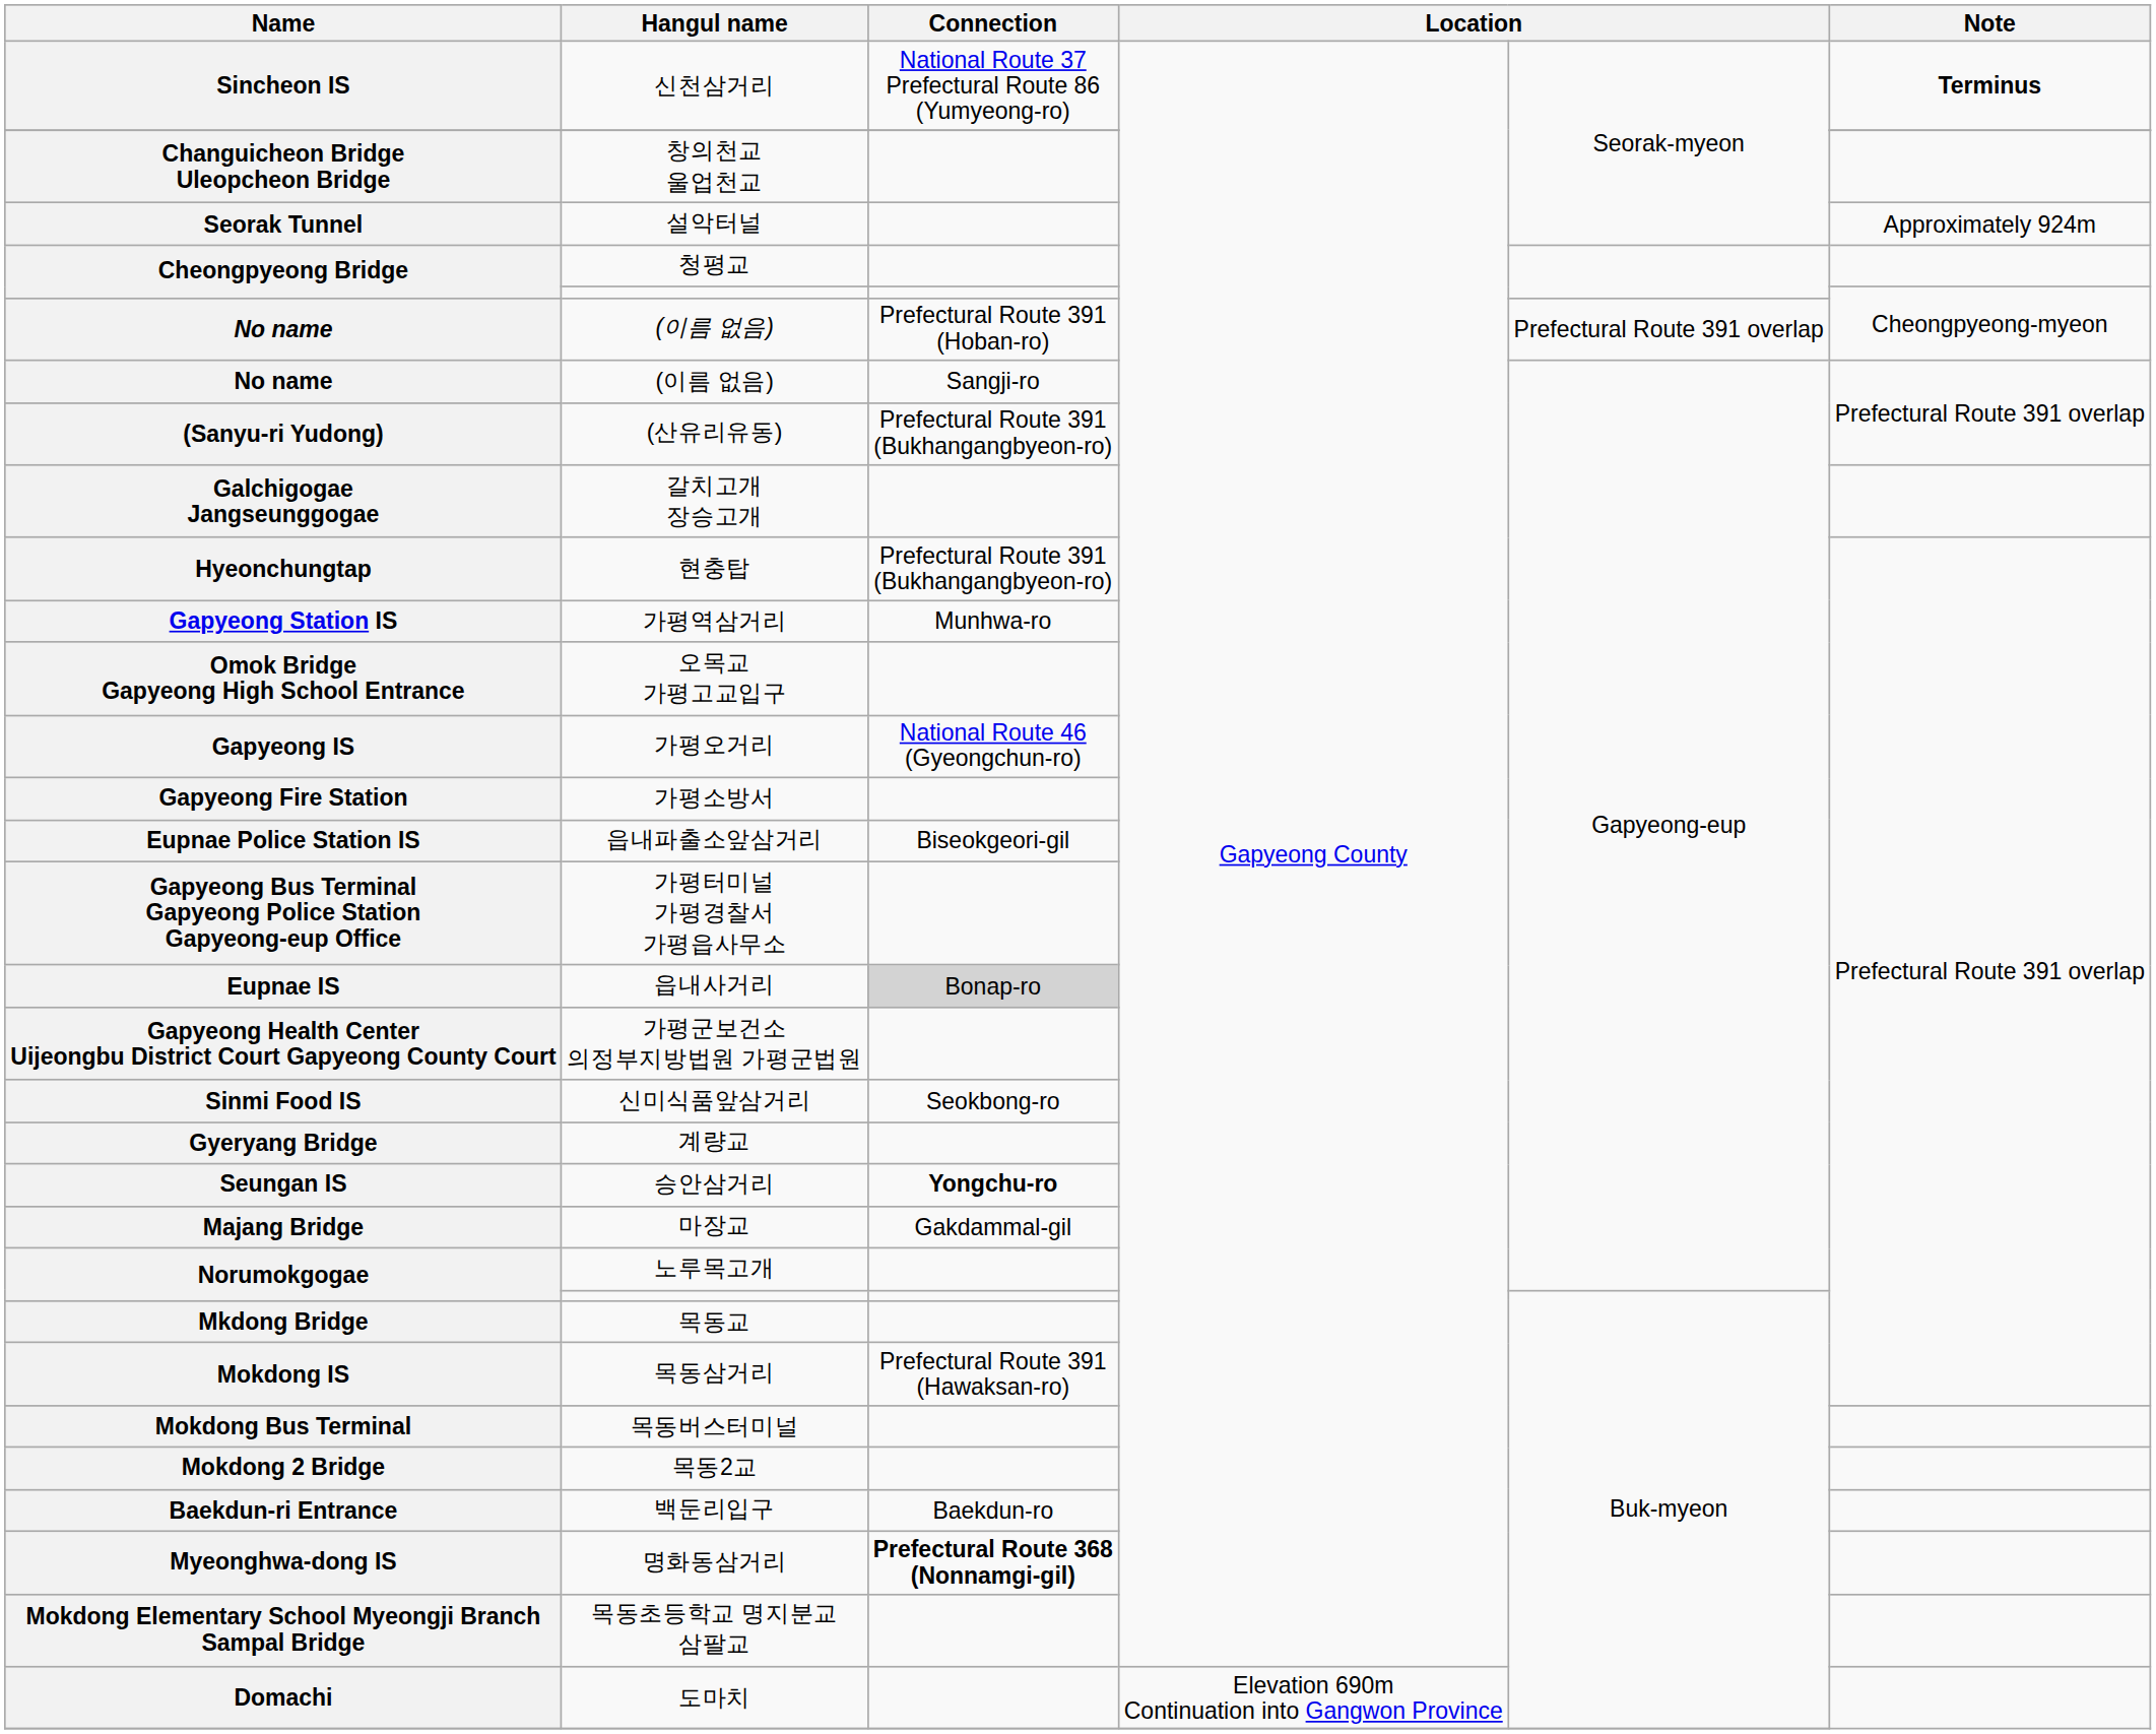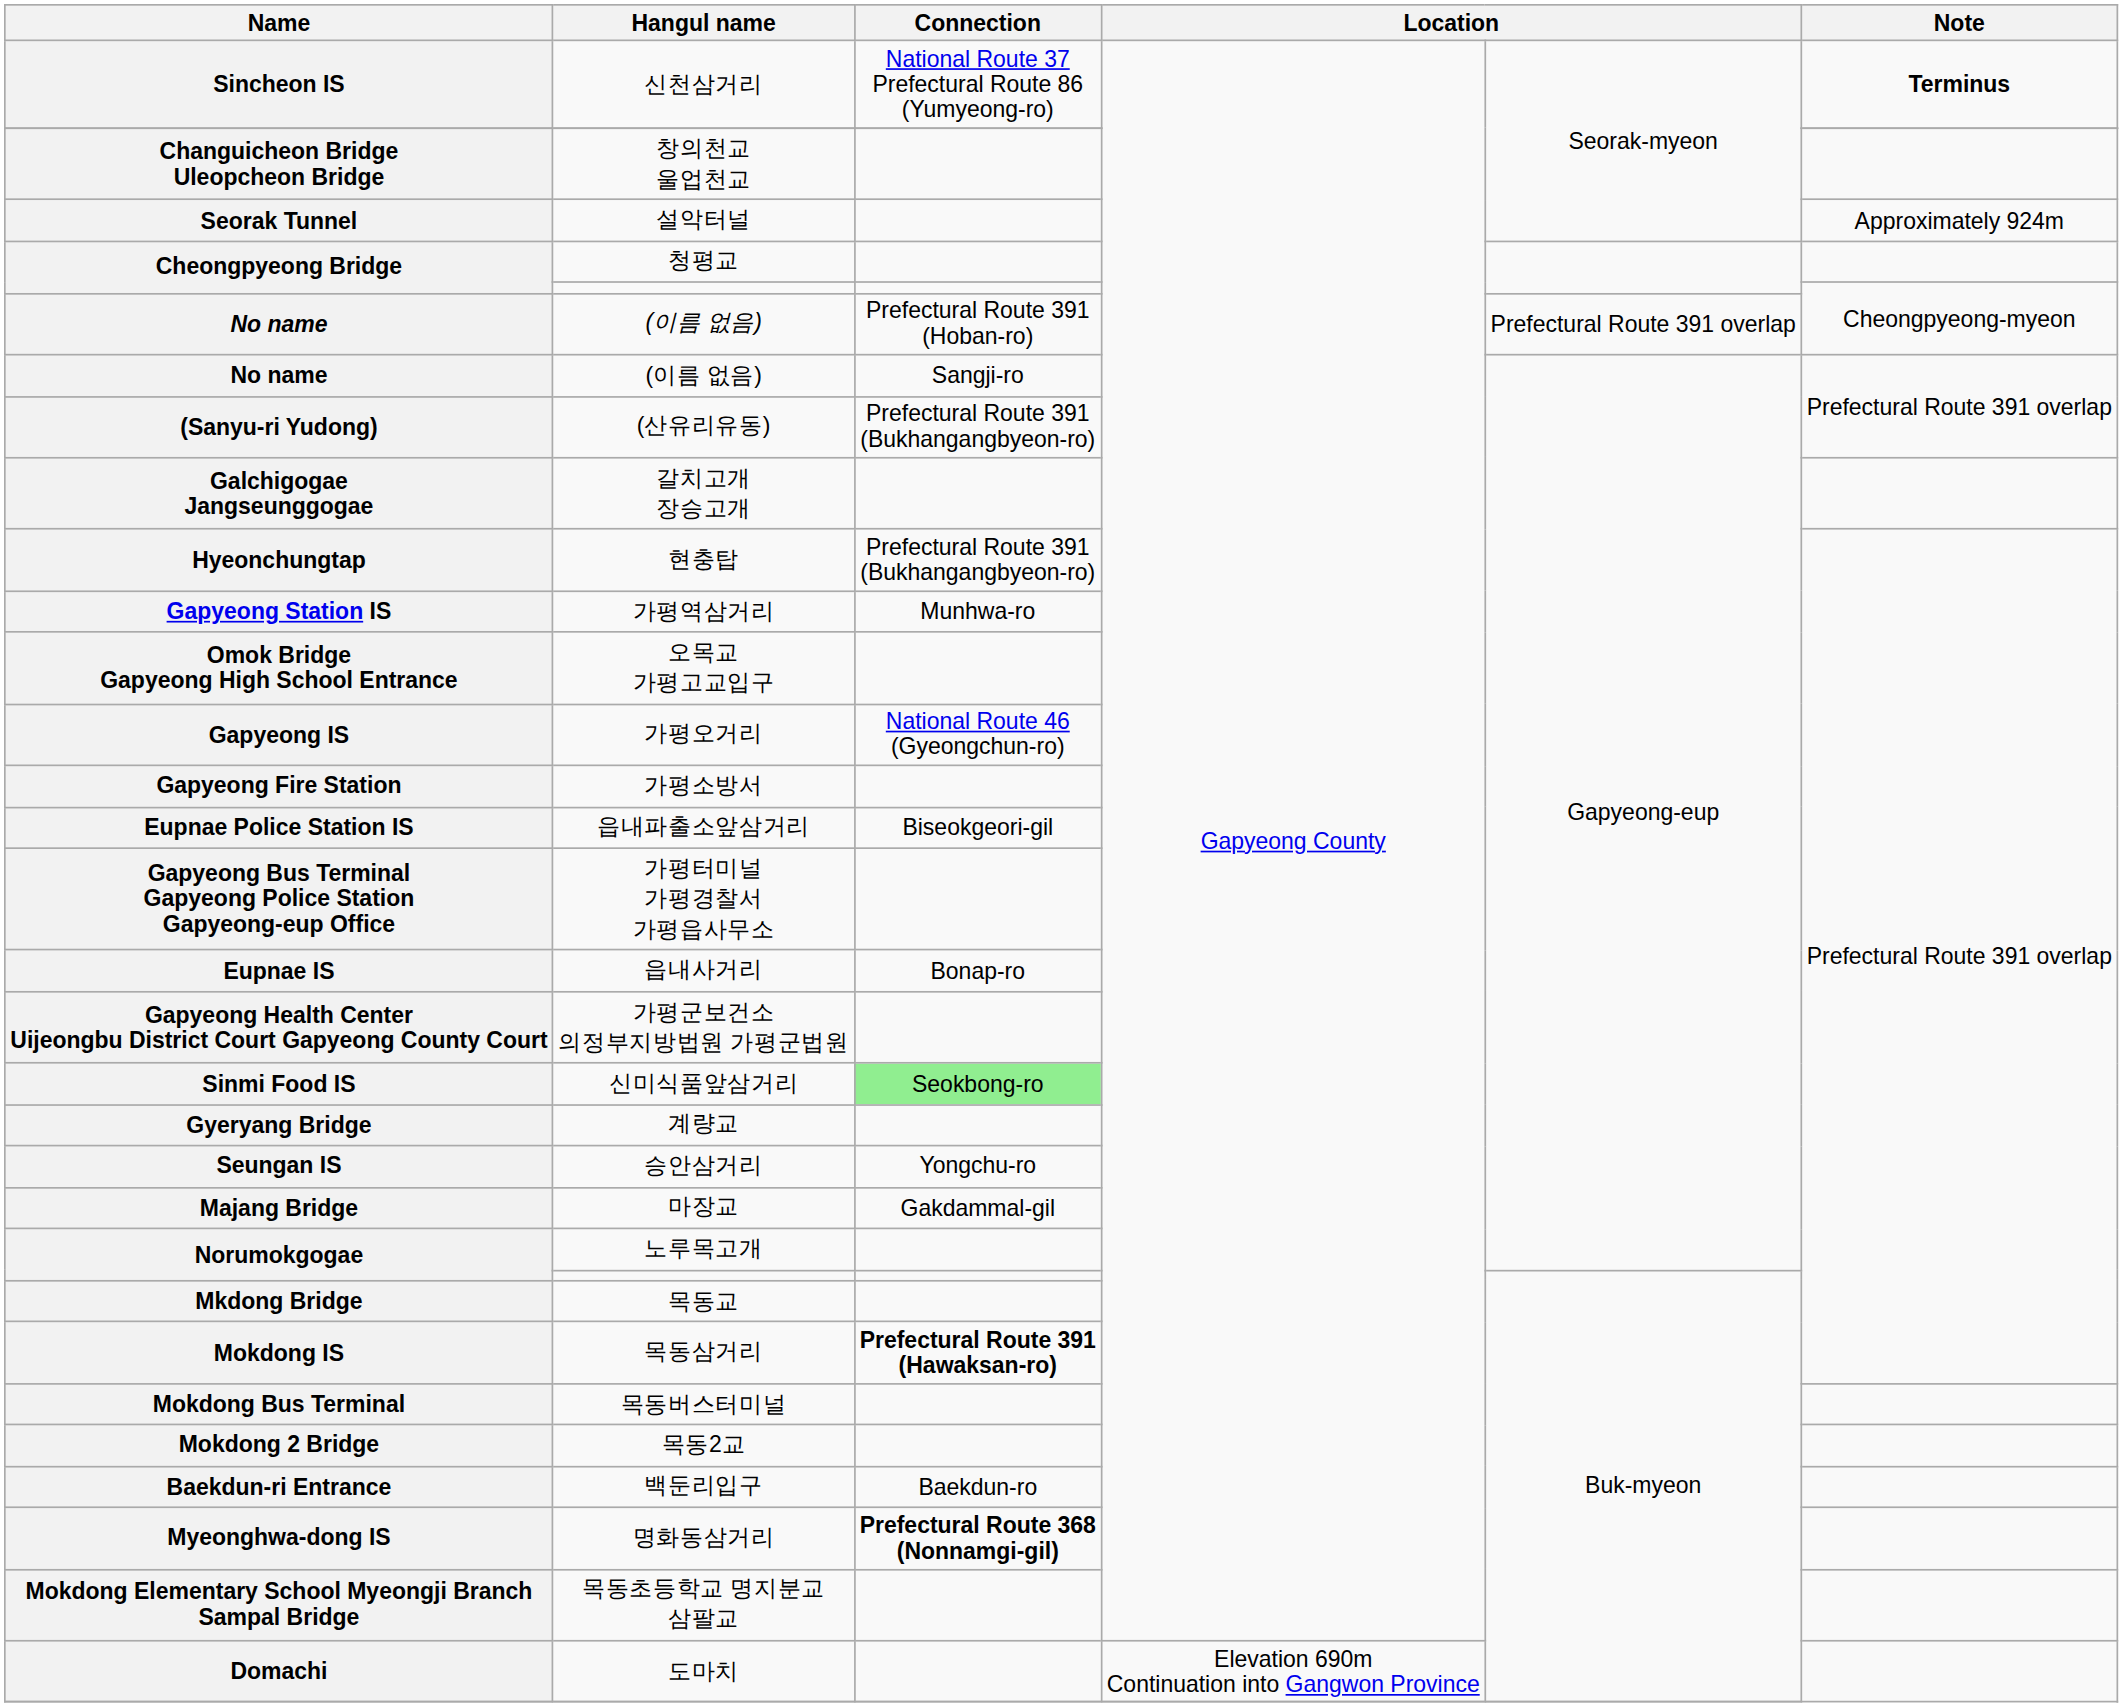 <table class="wikitable" style="font-size: 85%; text-align: center;">
 <tr>
 <th>Name </th>
 <th>Hangul name</th>
 <th>Connection</th>
 <th colspan="2">Location</th>
 <th>Note</th>
 </tr>
 <tr>
 <th>Sincheon IS</th>
 <td>신천삼거리</td>
 <td><a href='#'>National Route 37</a><br>Prefectural Route 86<br>(Yumyeong-ro)</td>
 <td rowspan=32><a href='#'>Gapyeong County</a></td>
 <td rowspan=4>Seorak-myeon</td>
 <td><strong>Terminus</strong></td>
 </tr>
 <tr>
 </tr>
 <tr>
 <th>Changuicheon Bridge<br>Uleopcheon Bridge</th>
 <td>창의천교<br>울업천교</td>
 <td></td>
 <td></td>
 </tr>
 <tr>
 <th>Seorak Tunnel</th>
 <td>설악터널</td>
 <td></td>
 <td>Approximately 924m</td>
 </tr>
 <tr>
 <th rowspan=2>Cheongpyeong Bridge</th>
 <td>청평교</td>
 <td></td>
 <td rowspan=2></td>
 </tr>
 <tr>
 <td></td>
 <td></td>
 <td rowspan=2>Cheongpyeong-myeon</td>
 </tr>
 <tr>
 <th><em>No name</em></th>
 <td><em>(이름 없음)</em></td>
 <td>Prefectural Route 391<br>(Hoban-ro)</td>
 <td>Prefectural Route 391 overlap</td>
 </tr>
 <tr>
 <th>No name</th>
 <td>(이름 없음)</td>
 <td>Sangji-ro</td>
 <td rowspan=17>Gapyeong-eup</td>
 <td rowspan=2>Prefectural Route 391 overlap</td>
 </tr>
 <tr>
 <th>(Sanyu-ri Yudong)</th>
 <td>(산유리유동)</td>
 <td>Prefectural Route 391<br>(Bukhangangbyeon-ro)</td>
 </tr>
 <tr>
 <th>Galchigogae<br>Jangseunggogae</th>
 <td>갈치고개<br>장승고개</td>
 <td></td>
 <td></td>
 </tr>
 <tr>
 <th>Hyeonchungtap</th>
 <td>현충탑</td>
 <td>Prefectural Route 391<br>(Bukhangangbyeon-ro)</td>
 <td rowspan=17>Prefectural Route 391 overlap</td>
 </tr>
 <tr>
 <th><a href='#'>Gapyeong Station</a> IS</th>
 <td>가평역삼거리</td>
 <td>Munhwa-ro</td>
 </tr>
 <tr>
 <th>Omok Bridge<br>Gapyeong High School Entrance</th>
 <td>오목교<br>가평고교입구</td>
 <td></td>
 </tr>
 <tr>
 <th>Gapyeong IS</th>
 <td>가평오거리</td>
 <td><a href='#'>National Route 46</a><br>(Gyeongchun-ro)</td>
 </tr>
 <tr>
 <th>Gapyeong Fire Station</th>
 <td>가평소방서</td>
 <td></td>
 </tr>
 <tr>
 <th>Eupnae Police Station IS</th>
 <td>읍내파출소앞삼거리</td>
 <td>Biseokgeori-gil</td>
 </tr>
 <tr>
 <th>Gapyeong Bus Terminal<br>Gapyeong Police Station<br>Gapyeong-eup Office</th>
 <td>가평터미널<br>가평경찰서<br>가평읍사무소</td>
 <td></td>
 </tr>
 <tr>
 <th>Eupnae IS</th>
 <td>읍내사거리</td>
-<td style="background: lightgrey;">Bonap-ro</td>
+<td>Bonap-ro</td>
 </tr>
 <tr>
 <th>Gapyeong Health Center<br>Uijeongbu District Court Gapyeong County Court</th>
 <td>가평군보건소<br>의정부지방법원 가평군법원</td>
 <td></td>
 </tr>
 <tr>
 <th>Sinmi Food IS</th>
 <td>신미식품앞삼거리</td>
-<td>Seokbong-ro</td>
+<td style="background: lightgreen;">Seokbong-ro</td>
 </tr>
 <tr>
 <th>Gyeryang Bridge</th>
 <td>계량교</td>
 <td></td>
 </tr>
 <tr>
 <th>Seungan IS</th>
 <td>승안삼거리</td>
-<td><strong>Yongchu-ro</strong></td>
+<td>Yongchu-ro</td>
 </tr>
 <tr>
 <th>Majang Bridge</th>
 <td>마장교</td>
 <td>Gakdammal-gil</td>
 </tr>
 <tr>
 <th rowspan=2>Norumokgogae</th>
 <td>노루목고개</td>
 <td></td>
 </tr>
 <tr>
 <td></td>
 <td></td>
 <td rowspan=9>Buk-myeon</td>
 </tr>
 <tr>
 <th>Mkdong Bridge</th>
 <td>목동교</td>
 <td></td>
 </tr>
 <tr>
 <th>Mokdong IS</th>
 <td>목동삼거리</td>
-<td>Prefectural Route 391<br>(Hawaksan-ro)</td>
+<td><strong>Prefectural Route 391<br>(Hawaksan-ro)</strong></td>
 </tr>
 <tr>
 <th>Mokdong Bus Terminal</th>
 <td>목동버스터미널</td>
 <td></td>
 <td></td>
 </tr>
 <tr>
 <th>Mokdong 2 Bridge</th>
 <td>목동2교</td>
 <td></td>
 <td></td>
 </tr>
 <tr>
 <th>Baekdun-ri Entrance</th>
 <td>백둔리입구</td>
 <td>Baekdun-ro</td>
 <td></td>
 </tr>
 <tr>
 <th>Myeonghwa-dong IS</th>
 <td>명화동삼거리</td>
 <td><strong>Prefectural Route 368<br>(Nonnamgi-gil)</strong></td>
 <td></td>
 </tr>
 <tr>
 <th>Mokdong Elementary School Myeongji Branch<br>Sampal Bridge</th>
 <td>목동초등학교 명지분교<br>삼팔교</td>
 <td></td>
 <td></td>
 </tr>
 <tr>
 <th>Domachi</th>
 <td>도마치</td>
 <td></td>
 <td>Elevation 690m<br>Continuation into <a href='#'>Gangwon Province</a></td>
 </tr>
 <tr>
 </tr>
 </table>
